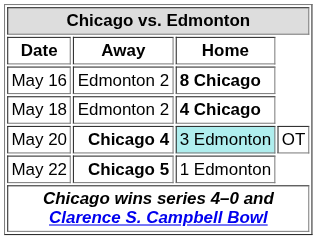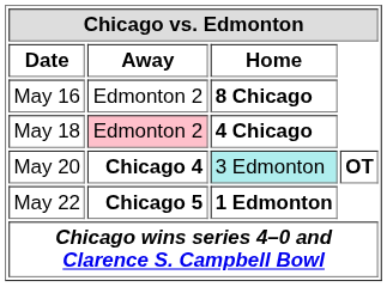 <table cellpadding="3" border="1">
 <tr>
 <th bgcolor="#DDDDDD" colspan="4">Chicago vs. Edmonton</th>
 </tr>
 <tr>
 <th>Date</th>
 <th>Away</th>
 <th>Home</th>
 </tr>
 <tr>
 <td>May 16</td>
 <td align="right">Edmonton 2</td>
 <td><strong>8 Chicago</strong></td>
 </tr>
 <tr>
 <td>May 18</td>
-<td align="right">Edmonton 2</td>
+<td align="right" style="background: pink;">Edmonton 2</td>
 <td><strong>4 Chicago</strong></td>
 </tr>
 <tr>
 <td>May 20</td>
 <td align="right"><strong>Chicago 4</strong></td>
 <td style="background: paleturquoise;">3 Edmonton</td>
-<td>OT</td>
+<td><strong>OT</strong></td>
 </tr>
 <tr>
 <td>May 22</td>
 <td align="right"><strong>Chicago 5</strong></td>
-<td>1 Edmonton</td>
+<td><strong>1 Edmonton</strong></td>
 </tr>
 <tr>
 <td align="center" colspan="4"><strong><em>Chicago wins series 4–0 and<br> <a href='#'>Clarence S. Campbell Bowl</a></em></strong></td>
 </tr>
 </table>
